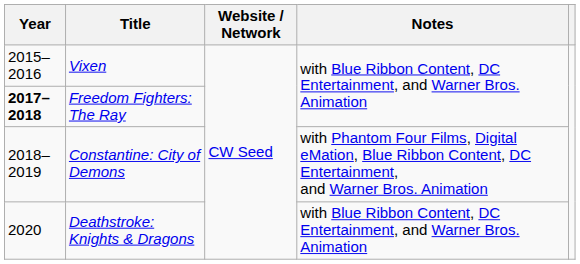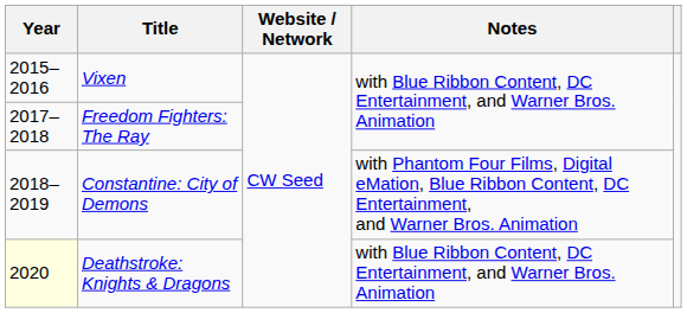 <table class="wikitable sortable">
 <tr>
 <th>Year</th>
 <th>Title</th>
 <th>Website / Network</th>
 <th class="unsortable">Notes</th>
 <th class="unsortable"></th>
 </tr>
 <tr>
 <td>2015–2016</td>
 <td><em><a href='#'>Vixen</a></em></td>
 <td rowspan="4"><a href='#'>CW Seed</a></td>
 <td rowspan="2">with <a href='#'>Blue Ribbon Content</a>, <a href='#'>DC Entertainment</a>, and <a href='#'>Warner Bros. Animation</a></td>
 <td rowspan="4"></td>
 </tr>
 <tr>
-<td><strong>2017–2018</strong></td>
+<td>2017–2018</td>
 <td><em><a href='#'>Freedom Fighters: The Ray</a></em></td>
 </tr>
 <tr>
 <td>2018–2019</td>
 <td><em><a href='#'>Constantine: City of Demons</a></em></td>
 <td>with <a href='#'>Phantom Four Films</a>, <a href='#'>Digital eMation</a>, <a href='#'>Blue Ribbon Content</a>, <a href='#'>DC Entertainment</a>,<br>and <a href='#'>Warner Bros. Animation</a></td>
 </tr>
 <tr>
-<td>2020</td>
+<td style="background: lightyellow;">2020</td>
 <td><em><a href='#'>Deathstroke: Knights & Dragons</a></em></td>
 <td>with <a href='#'>Blue Ribbon Content</a>, <a href='#'>DC Entertainment</a>, and <a href='#'>Warner Bros. Animation</a></td>
 </tr>
 </table>
